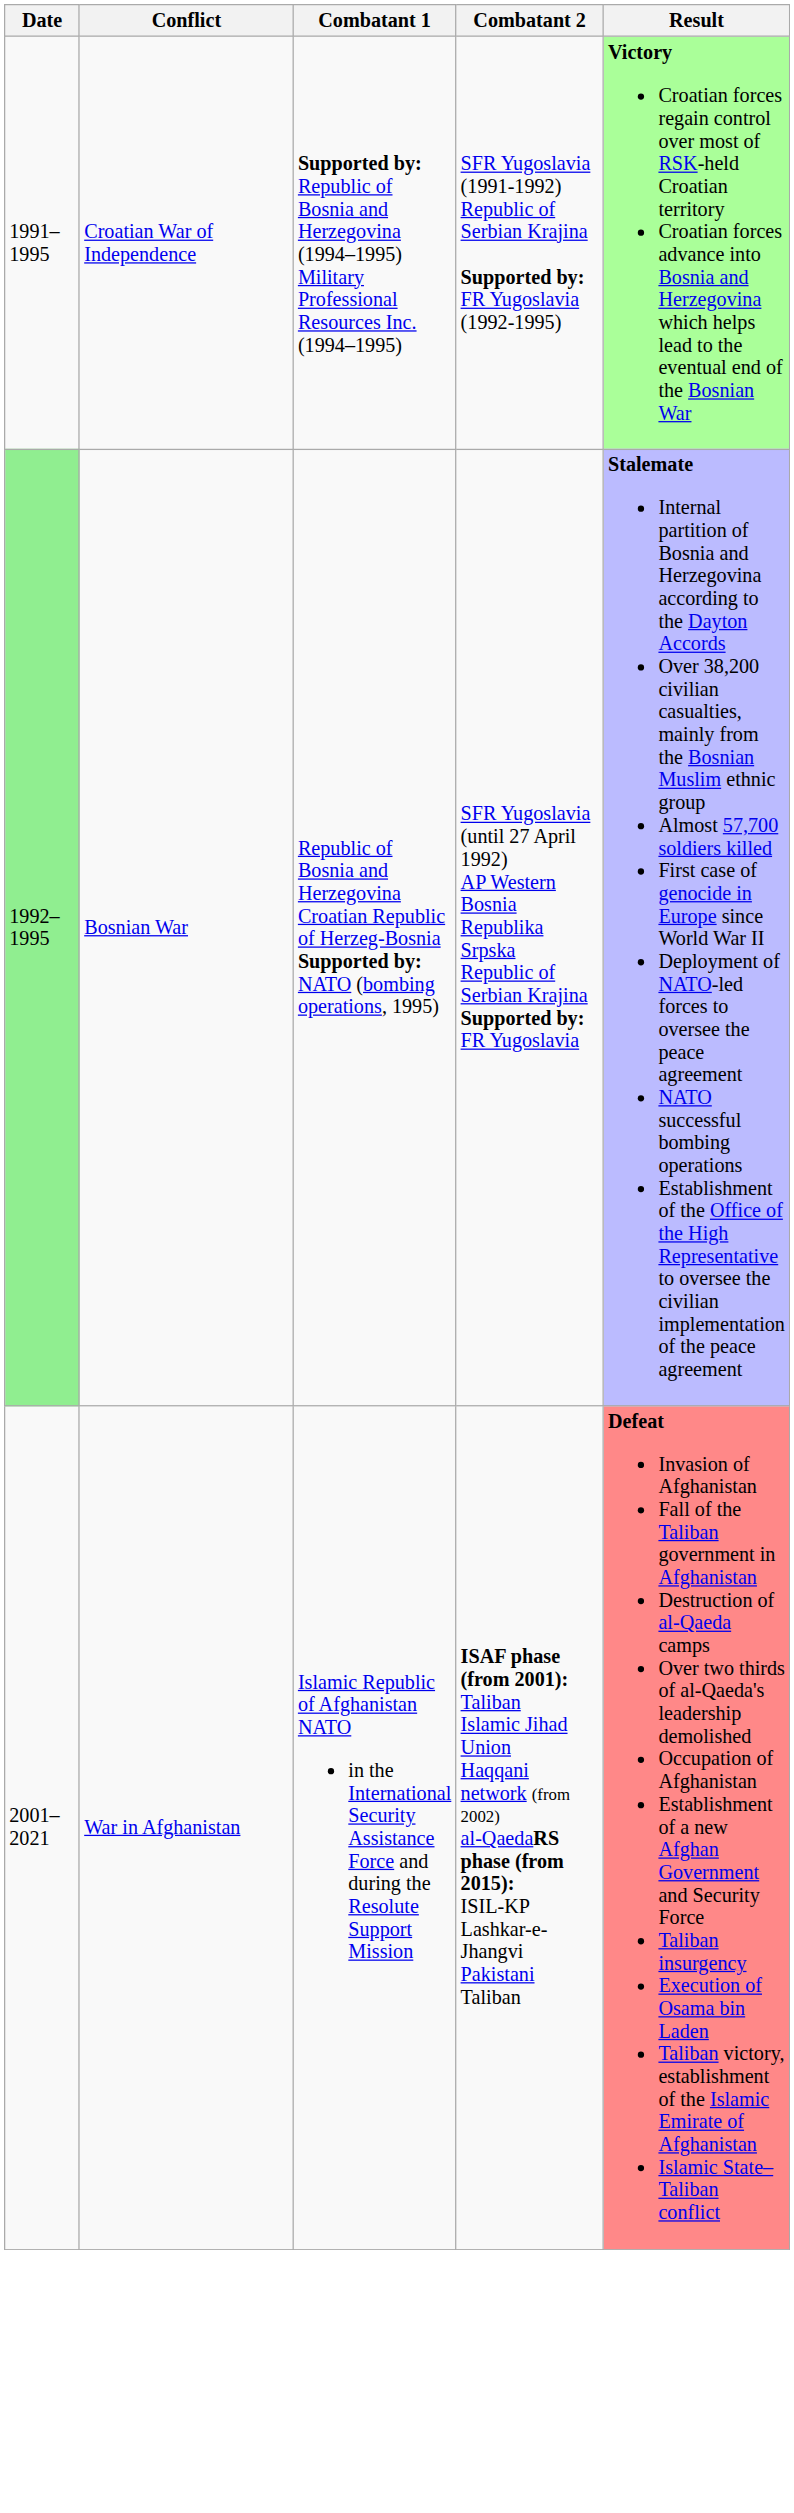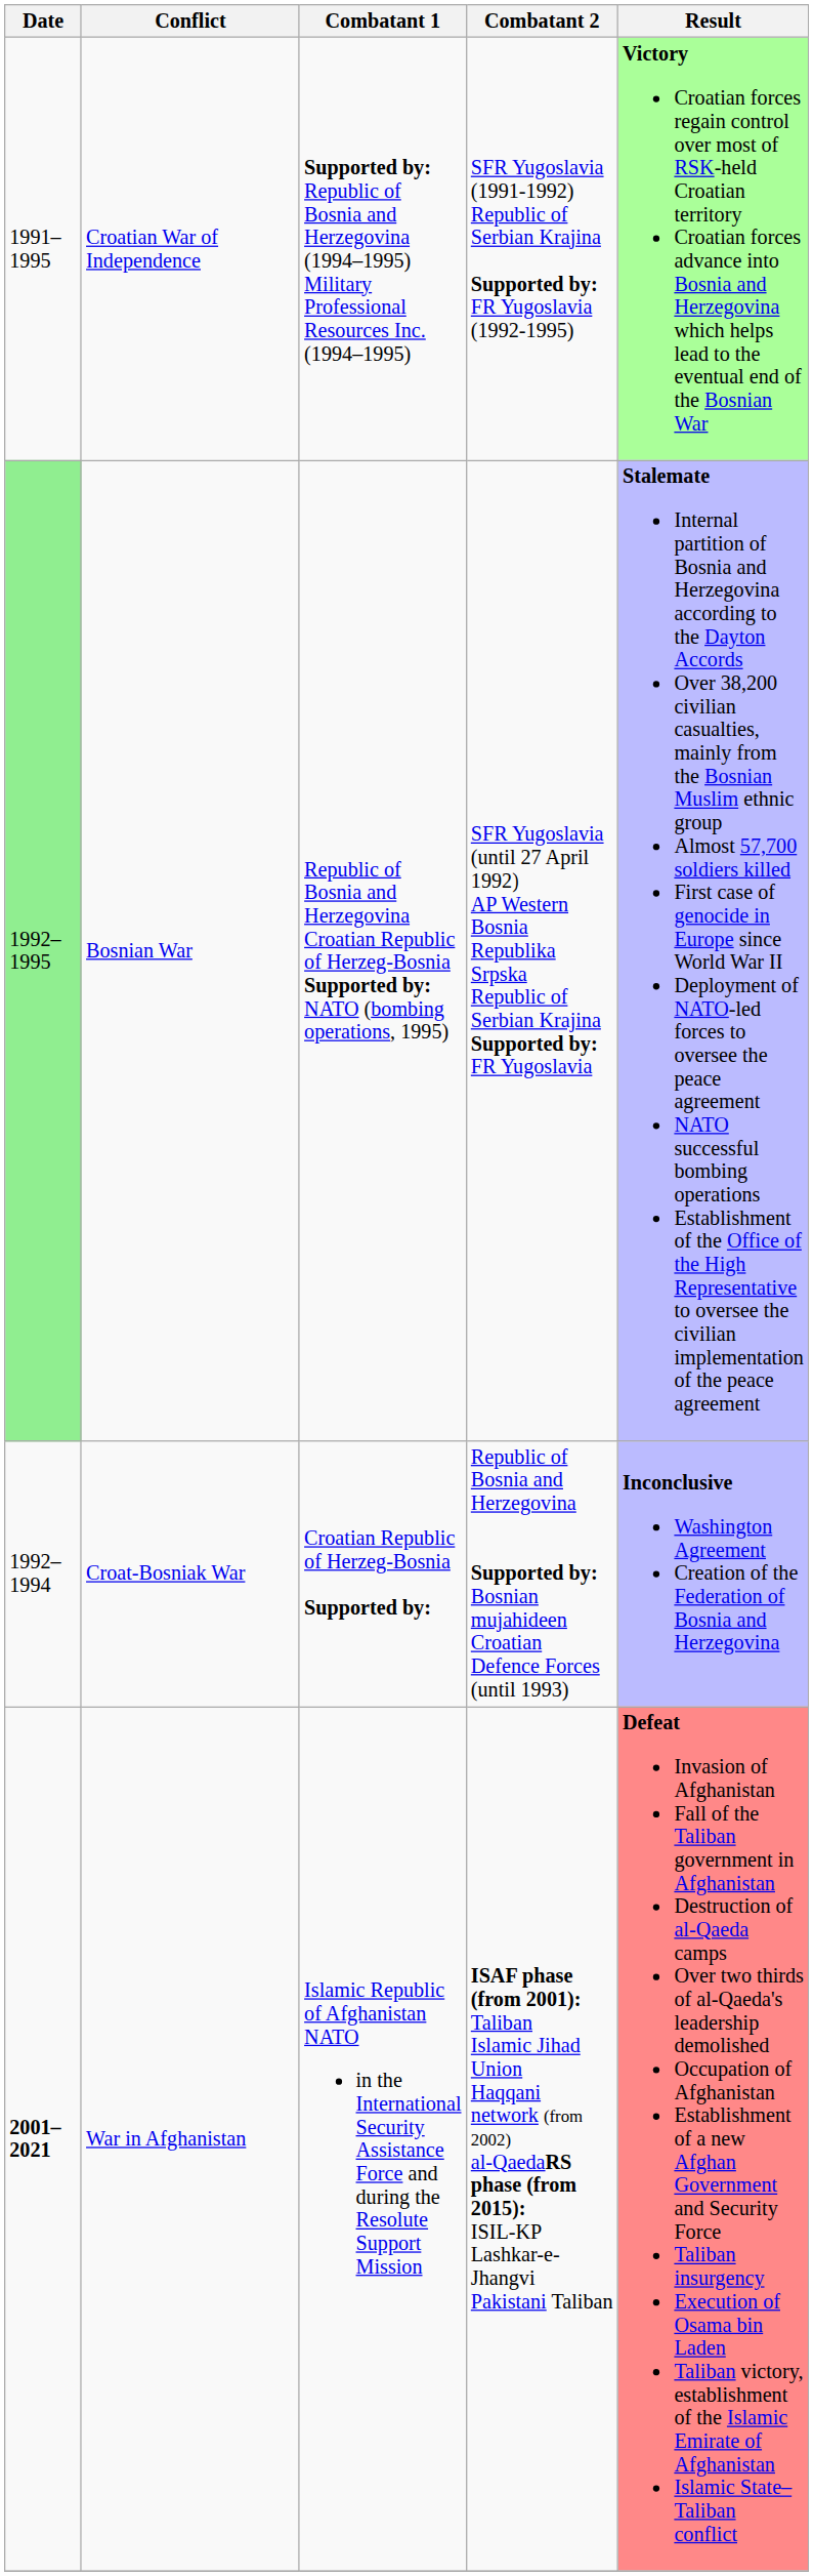 <table class="wikitable" width="100%">
 <tr>
 <th width="10%">Date</th>
 <th width="30%">Conflict</th>
 <th width="20%">Combatant 1</th>
 <th width="20%">Combatant 2</th>
 <th width="20%">Result</th>
 </tr>
 <tr>
 <td>1991–1995</td>
 <td><a href='#'>Croatian War of Independence</a></td>
 <td><br><strong>Supported by:</strong><br> <a href='#'>Republic of Bosnia and Herzegovina</a> (1994–1995)  <a href='#'>Military Professional Resources Inc.</a>(1994–1995)</td>
 <td> <a href='#'>SFR Yugoslavia</a> (1991-1992)<br> <a href='#'>Republic of Serbian Krajina</a><br> <br> <strong>Supported by:</strong> <br>  <a href='#'>FR Yugoslavia</a> (1992-1995)</td>
 <td style="background:#AF9"><strong>Victory</strong><br><ul><li>Croatian forces regain control over most of <a href='#'>RSK</a>-held Croatian territory</li><li>Croatian forces advance into <a href='#'>Bosnia and Herzegovina</a> which helps lead to the eventual end of the <a href='#'>Bosnian War</a></li></ul></td>
 </tr>
 <tr>
 <td style="background: lightgreen;">1992–1995</td>
 <td><a href='#'>Bosnian War</a></td>
 <td> <a href='#'>Republic of Bosnia and Herzegovina</a><br> <a href='#'>Croatian Republic of Herzeg-Bosnia</a> <br><strong>Supported by:</strong> <br> <a href='#'>NATO</a> (<a href='#'>bombing operations</a>, 1995)</td>
 <td> <a href='#'>SFR Yugoslavia</a> (until 27 April 1992)<br> <a href='#'>AP Western Bosnia</a> <br>  <a href='#'>Republika Srpska</a><br> <a href='#'>Republic of Serbian Krajina</a> <br> <strong>Supported by:</strong><br> <a href='#'>FR Yugoslavia</a></td>
 <td style="background:#BBF"><strong>Stalemate</strong><br><ul><li>Internal partition of Bosnia and Herzegovina according to the <a href='#'>Dayton Accords</a></li><li>Over 38,200 civilian casualties, mainly from the <a href='#'>Bosnian Muslim</a> ethnic group</li><li>Almost <a href='#'>57,700 soldiers killed</a></li><li>First case of <a href='#'>genocide in Europe</a> since World War II</li><li>Deployment of <a href='#'>NATO</a>-led forces to oversee the peace agreement</li><li><a href='#'>NATO</a> successful bombing operations</li><li>Establishment of the <a href='#'>Office of the High Representative</a> to oversee the civilian implementation of the peace agreement</li></ul></td>
 </tr>
 <tr>
-<td>2001–2021</td>
+<td>1992–1994</td>
+<td><a href='#'>Croat-Bosniak War</a></td>
+<td> <a href='#'>Croatian Republic of Herzeg-Bosnia</a><br><br> <strong>Supported by:</strong> <br> </td>
+<td> <a href='#'>Republic of Bosnia and Herzegovina</a><br><br><br> <strong>Supported by:</strong> <br>  <a href='#'>Bosnian mujahideen</a>  <a href='#'>Croatian Defence Forces</a> (until 1993)</td>
+<td style="background:#BBF"><strong>Inconclusive</strong><br><ul><li><a href='#'>Washington Agreement</a></li><li>Creation of the <a href='#'>Federation of Bosnia and Herzegovina</a></li></ul></td>
+</tr>
+<tr>
+<td><strong>2001–2021</strong></td>
 <td><a href='#'>War in Afghanistan</a></td>
 <td> <a href='#'>Islamic Republic of Afghanistan</a><br> <a href='#'>NATO</a><ul><li> in the <a href='#'>International Security Assistance Force</a> and during the <a href='#'>Resolute Support Mission</a></li></ul></td>
 <td><strong>ISAF phase (from 2001):</strong><br> <a href='#'>Taliban</a><br><a href='#'>Islamic Jihad Union</a><br><a href='#'>Haqqani network</a> <small>(from 2002)</small><br> <a href='#'>al-Qaeda</a><strong>RS phase (from 2015):</strong><br> ISIL-KP<br>Lashkar-e-Jhangvi<br><a href='#'>Pakistani</a> Taliban</td>
 <td style="background:#F88"><strong>Defeat</strong><br><ul><li>Invasion of Afghanistan</li><li>Fall of the <a href='#'>Taliban</a> government in <a href='#'>Afghanistan</a></li><li>Destruction of <a href='#'>al-Qaeda</a> camps</li><li>Over two thirds of al-Qaeda's leadership demolished</li><li>Occupation of Afghanistan</li><li>Establishment of a new <a href='#'>Afghan Government</a> and Security Force</li><li><a href='#'>Taliban insurgency</a></li><li><a href='#'>Execution of Osama bin Laden</a></li><li><a href='#'>Taliban</a> victory, establishment of the <a href='#'>Islamic Emirate of Afghanistan</a></li><li><a href='#'>Islamic State–Taliban conflict</a></li></ul></td>
 </tr>
 <tr>
 </tr>
 </table>
